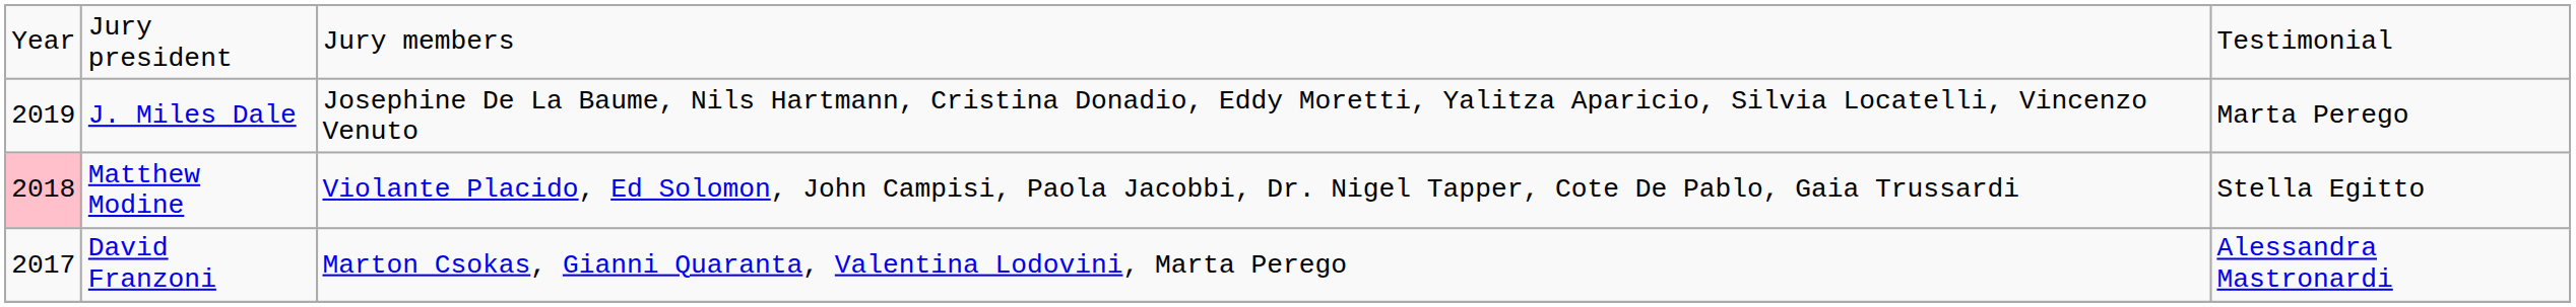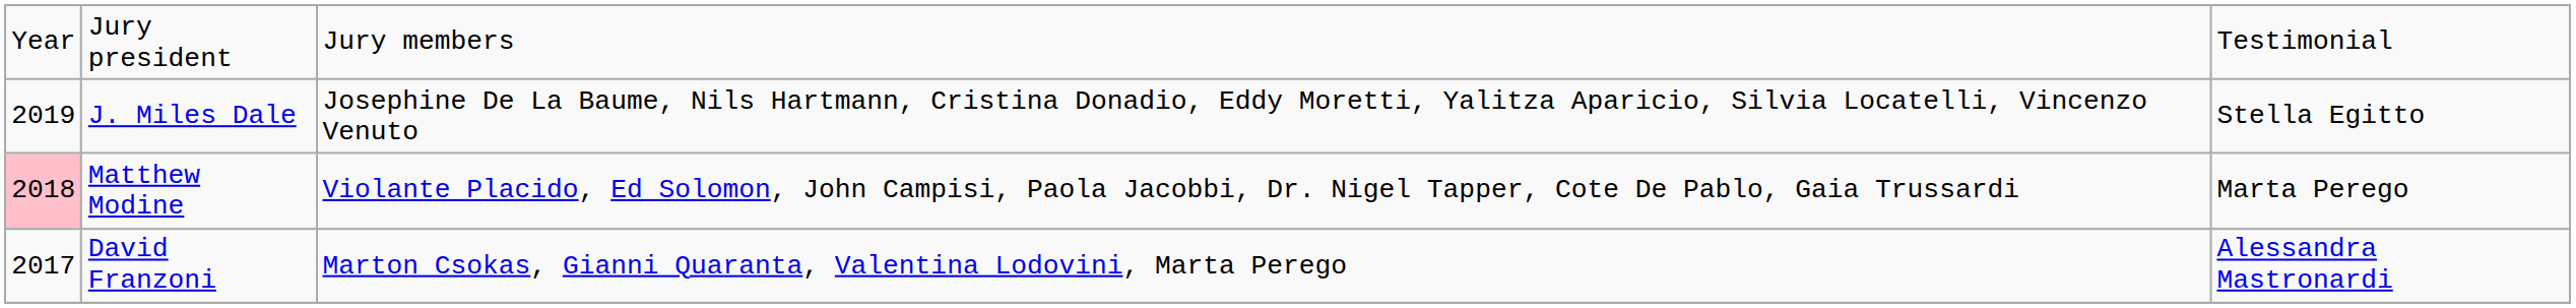 <table class="wikitable sortable">
 <tr>
 <td>Year</td>
 <td>Jury president</td>
 <td>Jury members</td>
 <td>Testimonial</td>
 </tr>
 <tr>
 <td>2019</td>
 <td><a href='#'>J. Miles Dale</a></td>
 <td>Josephine De La Baume, Nils Hartmann, Cristina Donadio, Eddy Moretti, Yalitza Aparicio, Silvia Locatelli, Vincenzo Venuto</td>
-<td>Marta Perego</td>
+<td>Stella Egitto</td>
 </tr>
 <tr>
 <td style="background: pink;">2018</td>
 <td><a href='#'>Matthew Modine</a></td>
 <td><a href='#'>Violante Placido</a>, <a href='#'>Ed Solomon</a>, John Campisi, Paola Jacobbi, Dr. Nigel Tapper, Cote De Pablo, Gaia Trussardi</td>
-<td>Stella Egitto</td>
+<td>Marta Perego</td>
 </tr>
 <tr>
 <td>2017</td>
 <td><a href='#'>David Franzoni</a></td>
 <td><a href='#'>Marton Csokas</a>, <a href='#'>Gianni Quaranta</a>, <a href='#'>Valentina Lodovini</a>, Marta Perego</td>
 <td><a href='#'>Alessandra Mastronardi</a></td>
 </tr>
 <tr>
 </tr>
 </table>
